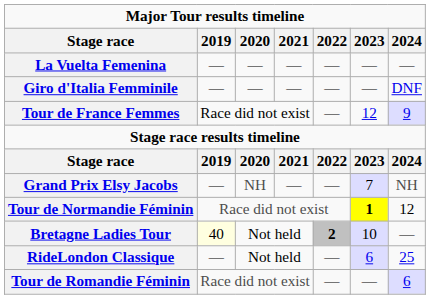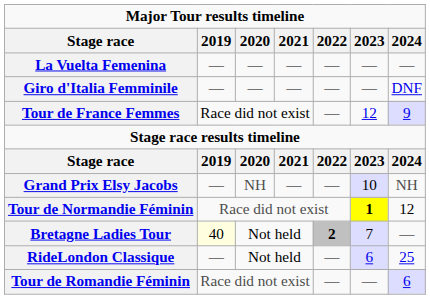 <table class="wikitable plainrowheaders">
 <tr>
 <td colspan="16" align="center"><strong>Major Tour results timeline</strong></td>
 </tr>
 <tr style="background:#EEEEEE;">
 <th>Stage race</th>
 <th>2019</th>
 <th>2020</th>
 <th>2021</th>
 <th>2022</th>
 <th>2023</th>
 <th>2024</th>
 </tr>
 <tr style="text-align:center">
 <th scope="row"><a href='#'>La Vuelta Femenina</a></th>
 <td>—</td>
 <td>—</td>
 <td>—</td>
 <td>—</td>
 <td>—</td>
 <td>—</td>
 </tr>
 <tr style="text-align:center">
 <th scope="row"><a href='#'>Giro d'Italia Femminile</a></th>
 <td>—</td>
 <td>—</td>
 <td>—</td>
 <td>—</td>
 <td>—</td>
 <td><a href='#'>DNF</a></td>
 </tr>
 <tr style="text-align:center">
 <th scope="row"><a href='#'>Tour de France Femmes</a></th>
 <td colspan="3" align="center">Race did not exist</td>
 <td>—</td>
 <td><a href='#'>12</a></td>
 <td style="background:#ddf;"><a href='#'>9</a></td>
 </tr>
 <tr>
 <td colspan="16" align="center"><strong>Stage race results timeline</strong></td>
 </tr>
 <tr style="background:#EEEEEE;">
 <th>Stage race</th>
 <th>2019</th>
 <th>2020</th>
 <th>2021</th>
 <th>2022</th>
 <th>2023</th>
 <th>2024</th>
 </tr>
 <tr style="text-align:center">
 <th scope="row"><a href='#'>Grand Prix Elsy Jacobs</a></th>
 <td>—</td>
 <td style="color:#4d4d4d;">NH</td>
 <td>—</td>
 <td>—</td>
-<td style="background:#ddf;">7</td>
+<td style="background:#ddf;">10</td>
 <td style="color:#4d4d4d;">NH</td>
 </tr>
 <tr style="text-align:center;">
 <th scope="row"><a href='#'>Tour de Normandie Féminin</a></th>
 <td style="color:#4d4d4d;" colspan=4>Race did not exist</td>
 <td style="background:yellow;"><strong>1</strong></td>
 <td>12</td>
 </tr>
 <tr style="text-align:center;">
 <th scope="row"><a href='#'>Bretagne Ladies Tour</a></th>
 <td style="background: lightyellow;">40</td>
 <td colspan=2>Not held</td>
 <td style="background:silver;"><strong>2</strong></td>
-<td style="background:#ddf;">10</td>
+<td style="background:#ddf;">7</td>
 <td>—</td>
 </tr>
 <tr style="text-align:center;">
 <th scope="row"><a href='#'>RideLondon Classique</a></th>
 <td>—</td>
 <td colspan=2>Not held</td>
 <td>—</td>
 <td ! style="background:#ddf;"><a href='#'>6</a></td>
 <td><a href='#'>25</a></td>
 </tr>
 <tr style="text-align:center;">
 <th scope="row"><a href='#'>Tour de Romandie Féminin</a></th>
 <td style="color:#4d4d4d;" colspan=3>Race did not exist</td>
 <td>—</td>
 <td>—</td>
 <td style="background:#ddf;"><a href='#'>6</a></td>
 </tr>
 </table>
